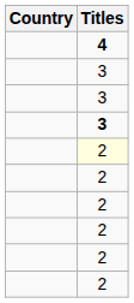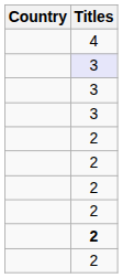 <table class="wikitable">
 <tr>
 <th>Country</th>
 <th>Titles</th>
 </tr>
 <tr>
 <td></td>
-<td align=center><strong>4</strong></td>
+<td align=center>4</td>
+</tr>
+<tr>
+<td></td>
+<td align=center style="background: lavender;">3</td>
 </tr>
 <tr>
 <td></td>
 <td align=center>3</td>
 </tr>
 <tr>
 <td></td>
 <td align=center>3</td>
-</tr>
-<tr>
-<td></td>
-<td align=center><strong>3</strong></td>
-</tr>
-<tr>
-<td></td>
-<td align=center style="background: lightyellow;">2</td>
 </tr>
 <tr>
 <td></td>
 <td align=center>2</td>
 </tr>
 <tr>
 <td></td>
 <td align=center>2</td>
 </tr>
 <tr>
 <td></td>
 <td align=center>2</td>
 </tr>
 <tr>
 <td></td>
 <td align=center>2</td>
 </tr>
 <tr>
 <td></td>
+<td align=center><strong>2</strong></td>
+</tr>
+<tr>
+<td></td>
 <td align=center>2</td>
 </tr>
 </table>
